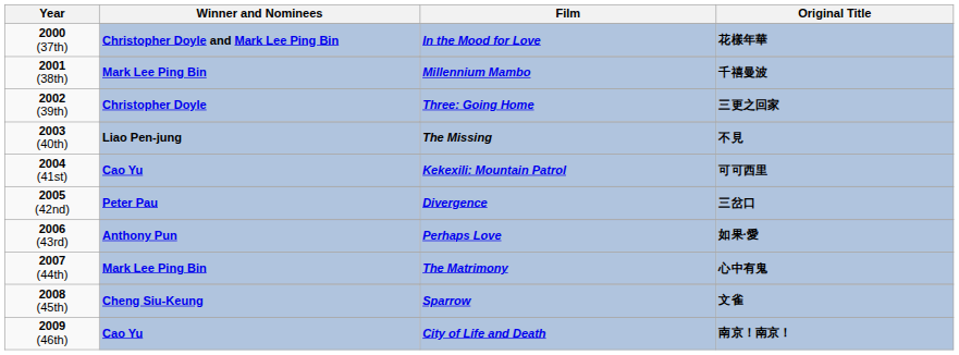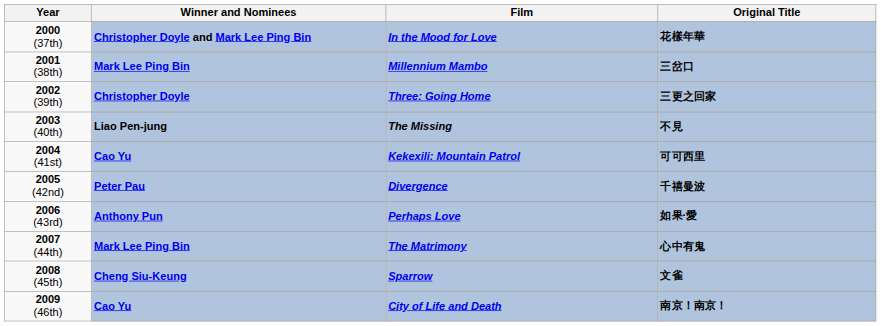 <table class="wikitable" style="width:100%;" cellpadding="5">
 <tr style="background:#bebebe;">
 <th style="width:8%;">Year</th>
 <th style="width:27%;">Winner and Nominees</th>
 <th style="width:25%;">Film</th>
 <th style="width:20%;">Original Title</th>
 </tr>
 <tr>
 <td rowspan="2" style="text-align:center"><strong>2000</strong><br>(37th)</td>
 </tr>
 <tr style="background:#B0C4DE;">
 <td><strong><a href='#'>Christopher Doyle</a> and <a href='#'>Mark Lee Ping Bin</a></strong></td>
 <td><strong><em><a href='#'>In the Mood for Love</a></em></strong></td>
 <td><strong>花樣年華</strong></td>
 </tr>
 <tr>
 <td rowspan="2" style="text-align:center"><strong>2001</strong><br>(38th)</td>
 </tr>
 <tr style="background:#B0C4DE;">
 <td><strong><a href='#'>Mark Lee Ping Bin</a></strong></td>
 <td><strong><em><a href='#'>Millennium Mambo</a></em></strong></td>
-<td><strong>千禧曼波</strong></td>
+<td><strong>三岔口</strong></td>
 </tr>
 <tr>
 <td rowspan="2" style="text-align:center"><strong>2002</strong><br>(39th)</td>
 </tr>
 <tr style="background:#B0C4DE;">
 <td><strong><a href='#'>Christopher Doyle</a></strong></td>
 <td><strong><em><a href='#'>Three: Going Home</a></em></strong></td>
 <td><strong>三更之回家</strong></td>
 </tr>
 <tr>
 <td rowspan="2" style="text-align:center"><strong>2003</strong><br>(40th)</td>
 </tr>
 <tr style="background:#B0C4DE;">
 <td><strong>Liao Pen-jung</strong></td>
 <td><strong><em>The Missing</em></strong></td>
 <td><strong>不見</strong></td>
 </tr>
 <tr>
 <td rowspan="2" style="text-align:center"><strong>2004</strong><br>(41st)</td>
 </tr>
 <tr style="background:#B0C4DE;">
 <td><strong><a href='#'>Cao Yu</a></strong></td>
 <td><strong><em><a href='#'>Kekexili: Mountain Patrol</a></em></strong></td>
 <td><strong>可可西里</strong></td>
 </tr>
 <tr>
 <td rowspan="2" style="text-align:center"><strong>2005</strong><br>(42nd)</td>
 </tr>
 <tr style="background:#B0C4DE;">
 <td><strong><a href='#'>Peter Pau</a></strong></td>
 <td><strong><em><a href='#'>Divergence</a></em></strong></td>
-<td><strong>三岔口</strong></td>
+<td><strong>千禧曼波</strong></td>
 </tr>
 <tr>
 <td rowspan="2" style="text-align:center"><strong>2006</strong><br>(43rd)</td>
 </tr>
 <tr style="background:#B0C4DE;">
 <td><strong><a href='#'>Anthony Pun</a></strong></td>
 <td><strong><em><a href='#'>Perhaps Love</a></em></strong></td>
 <td><strong>如果·愛</strong></td>
 </tr>
 <tr>
 <td rowspan="2" style="text-align:center"><strong>2007</strong><br>(44th)</td>
 </tr>
 <tr style="background:#B0C4DE;">
 <td><strong><a href='#'>Mark Lee Ping Bin</a></strong></td>
 <td><strong><em><a href='#'>The Matrimony</a></em></strong></td>
 <td><strong>心中有鬼</strong></td>
 </tr>
 <tr>
 <td rowspan="2" style="text-align:center"><strong>2008</strong><br>(45th)</td>
 </tr>
 <tr style="background:#B0C4DE;">
 <td><strong><a href='#'>Cheng Siu-Keung</a></strong></td>
 <td><strong><em><a href='#'>Sparrow</a></em></strong></td>
 <td><strong>文雀</strong></td>
 </tr>
 <tr>
 <td rowspan="2" style="text-align:center"><strong>2009</strong><br>(46th)</td>
 </tr>
 <tr style="background:#B0C4DE;">
 <td><strong><a href='#'>Cao Yu</a></strong></td>
 <td><strong><em><a href='#'>City of Life and Death</a></em></strong></td>
 <td><strong>南京！南京！</strong></td>
 </tr>
 </table>
